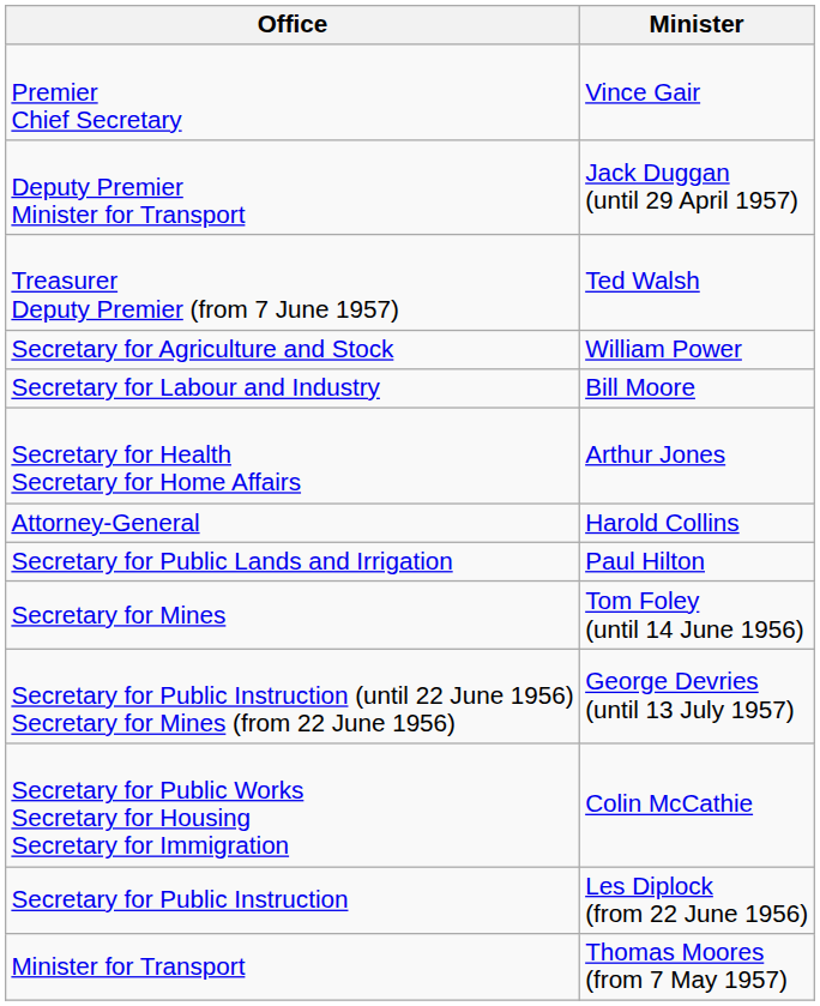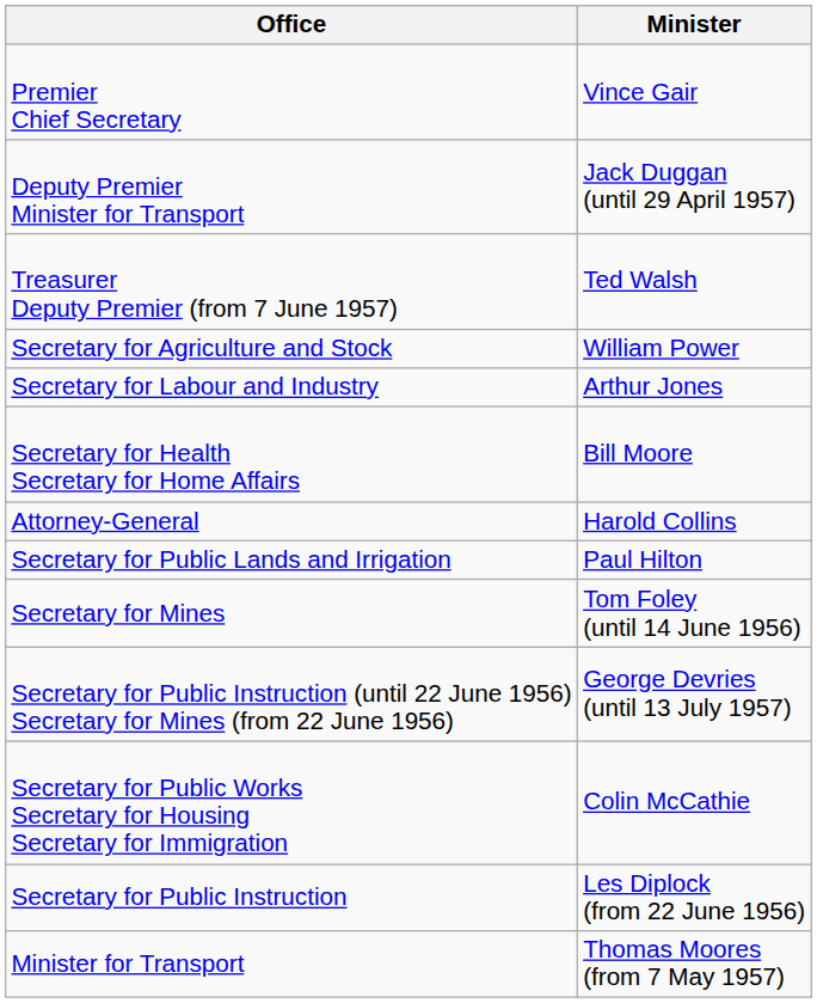 <table class="wikitable">
 <tr>
 <th>Office</th>
 <th>Minister</th>
 </tr>
 <tr>
 <td><br><a href='#'>Premier</a><br> <a href='#'>Chief Secretary</a><br></td>
 <td><a href='#'>Vince Gair</a></td>
 </tr>
 <tr>
 <td><br><a href='#'>Deputy Premier</a><br> <a href='#'>Minister for Transport</a></td>
 <td><a href='#'>Jack Duggan</a><br>(until 29 April 1957)</td>
 </tr>
 <tr>
 <td><br><a href='#'>Treasurer</a><br> <a href='#'>Deputy Premier</a> (from 7 June 1957)</td>
 <td><a href='#'>Ted Walsh</a></td>
 </tr>
 <tr>
 <td><a href='#'>Secretary for Agriculture and Stock</a></td>
 <td><a href='#'>William Power</a></td>
 </tr>
 <tr>
 <td><a href='#'>Secretary for Labour and Industry</a></td>
-<td><a href='#'>Bill Moore</a></td>
+<td><a href='#'>Arthur Jones</a></td>
 </tr>
 <tr>
 <td><br><a href='#'>Secretary for Health</a><br> <a href='#'>Secretary for Home Affairs</a></td>
-<td><a href='#'>Arthur Jones</a></td>
+<td><a href='#'>Bill Moore</a></td>
 </tr>
 <tr>
 <td><a href='#'>Attorney-General</a></td>
 <td><a href='#'>Harold Collins</a></td>
 </tr>
 <tr>
 <td><a href='#'>Secretary for Public Lands and Irrigation</a></td>
 <td><a href='#'>Paul Hilton</a></td>
 </tr>
 <tr>
 <td><a href='#'>Secretary for Mines</a></td>
 <td><a href='#'>Tom Foley</a><br>(until 14 June 1956)</td>
 </tr>
 <tr>
 <td><br><a href='#'>Secretary for Public Instruction</a> (until 22 June 1956)<br> <a href='#'>Secretary for Mines</a> (from 22 June 1956)</td>
 <td><a href='#'>George Devries</a><br>(until 13 July 1957)</td>
 </tr>
 <tr>
 <td><br><a href='#'>Secretary for Public Works</a><br> <a href='#'>Secretary for Housing</a><br> <a href='#'>Secretary for Immigration</a></td>
 <td><a href='#'>Colin McCathie</a></td>
 </tr>
 <tr>
 <td><a href='#'>Secretary for Public Instruction</a></td>
 <td><a href='#'>Les Diplock</a><br>(from 22 June 1956)</td>
 </tr>
 <tr>
 <td><a href='#'>Minister for Transport</a></td>
 <td><a href='#'>Thomas Moores</a><br>(from 7 May 1957)</td>
 </tr>
 </table>
